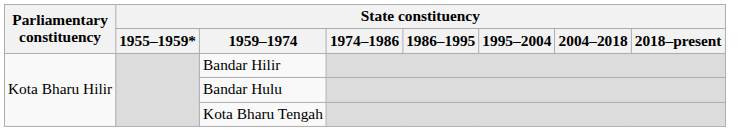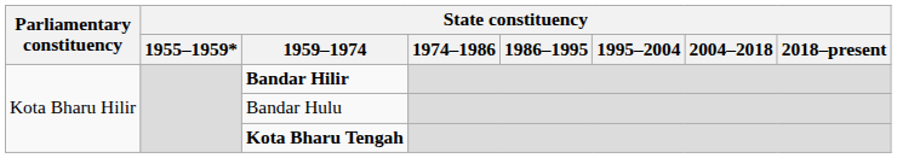 <table class="wikitable">
 <tr>
 <th rowspan="2">Parliamentary<br>constituency</th>
 <th colspan="7">State constituency</th>
 </tr>
 <tr>
 <th>1955–1959*</th>
 <th>1959–1974</th>
 <th>1974–1986</th>
 <th>1986–1995</th>
 <th>1995–2004</th>
 <th>2004–2018</th>
 <th>2018–present</th>
 </tr>
 <tr>
 <td rowspan="3">Kota Bharu Hilir</td>
 <td rowspan="3" bgcolor="dcdcdc"></td>
-<td>Bandar Hilir</td>
+<td><strong>Bandar Hilir</strong></td>
 <td colspan="5" bgcolor="dcdcdc"></td>
 </tr>
 <tr>
 <td>Bandar Hulu</td>
 <td colspan="5" bgcolor="dcdcdc"></td>
 </tr>
 <tr>
-<td>Kota Bharu Tengah</td>
+<td><strong>Kota Bharu Tengah</strong></td>
 <td colspan="5" bgcolor="dcdcdc"></td>
 </tr>
 </table>
